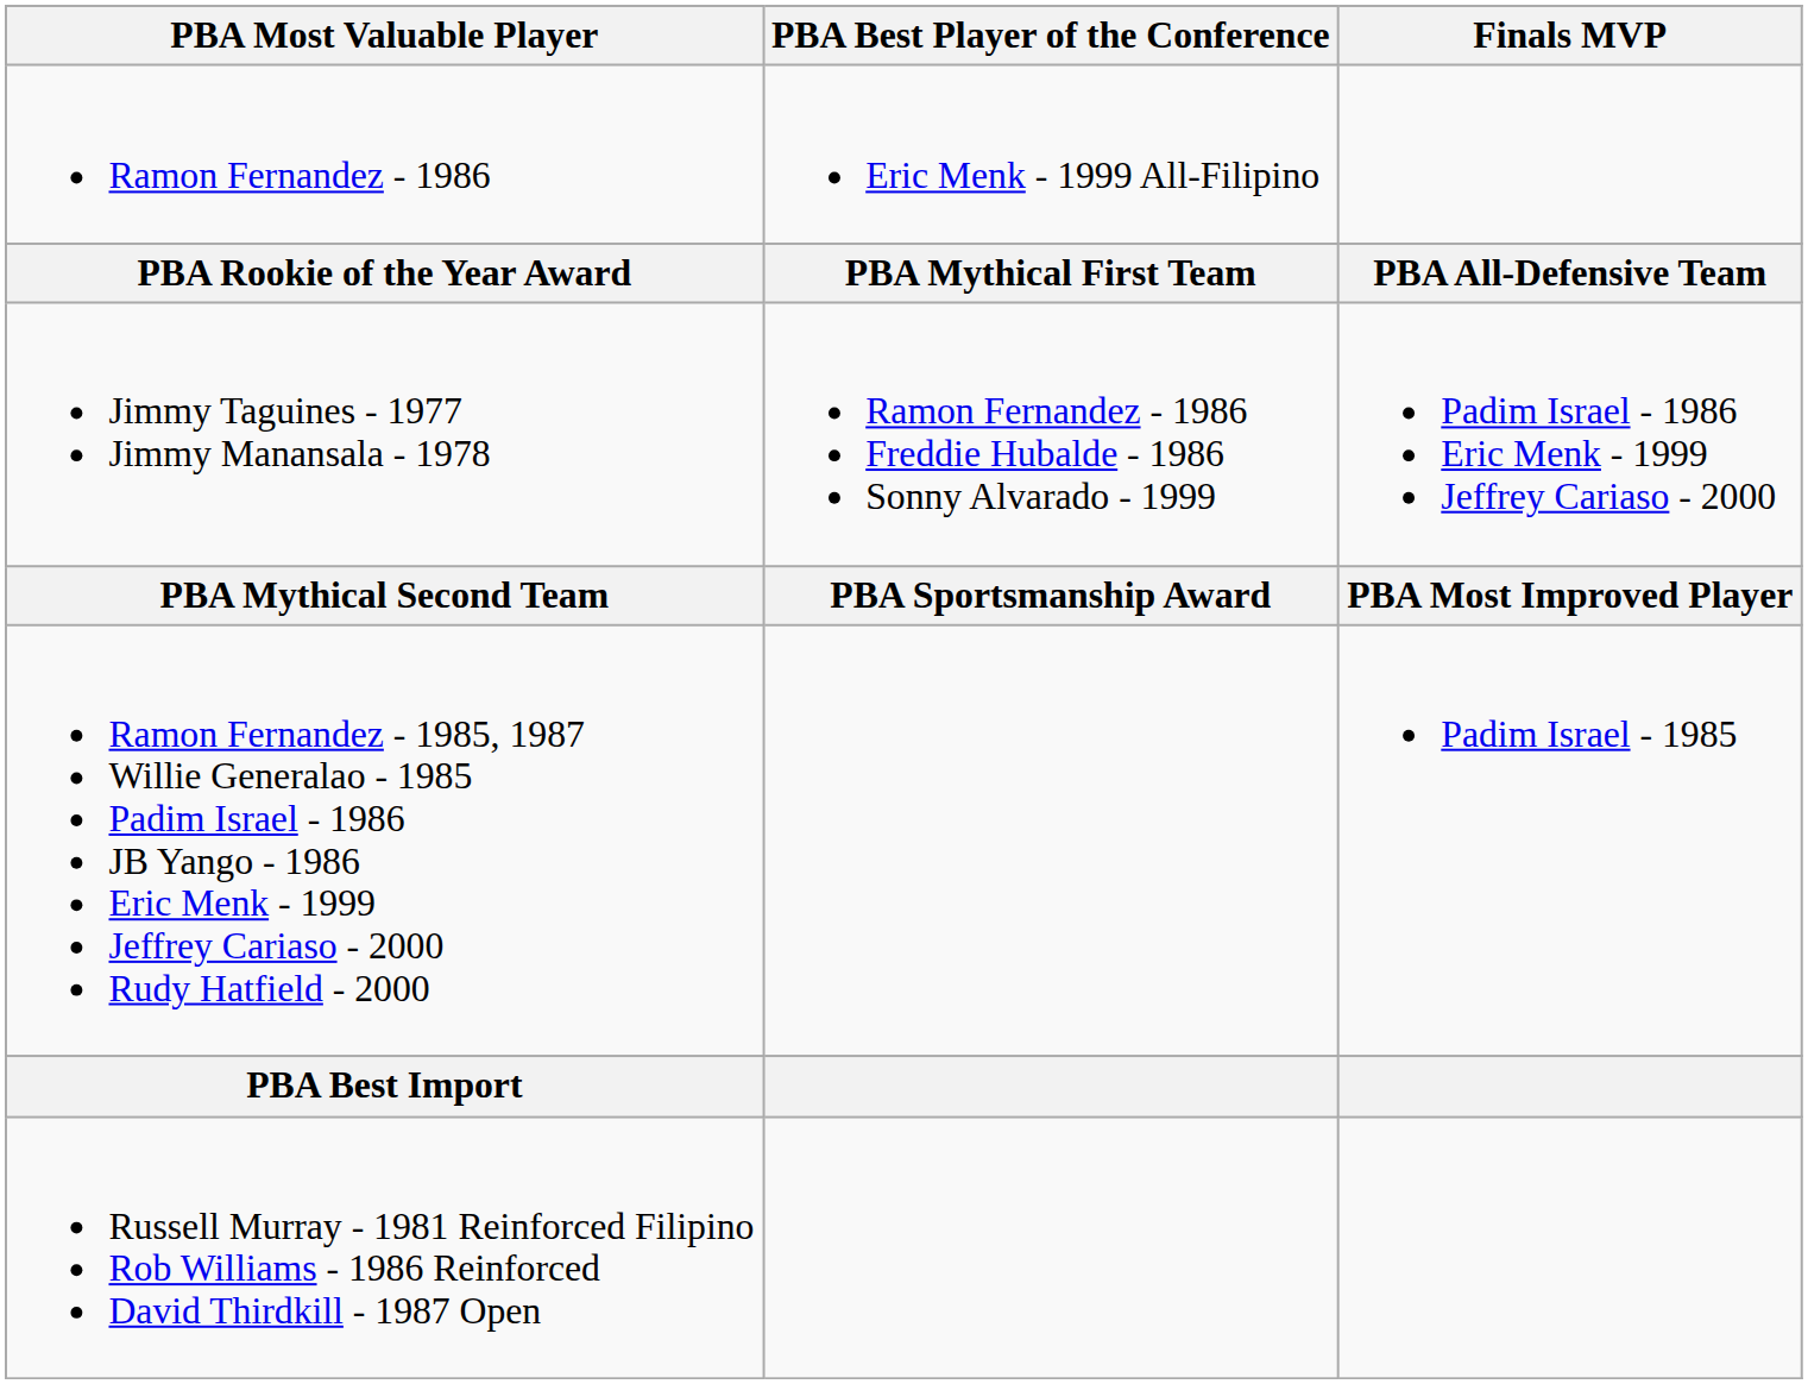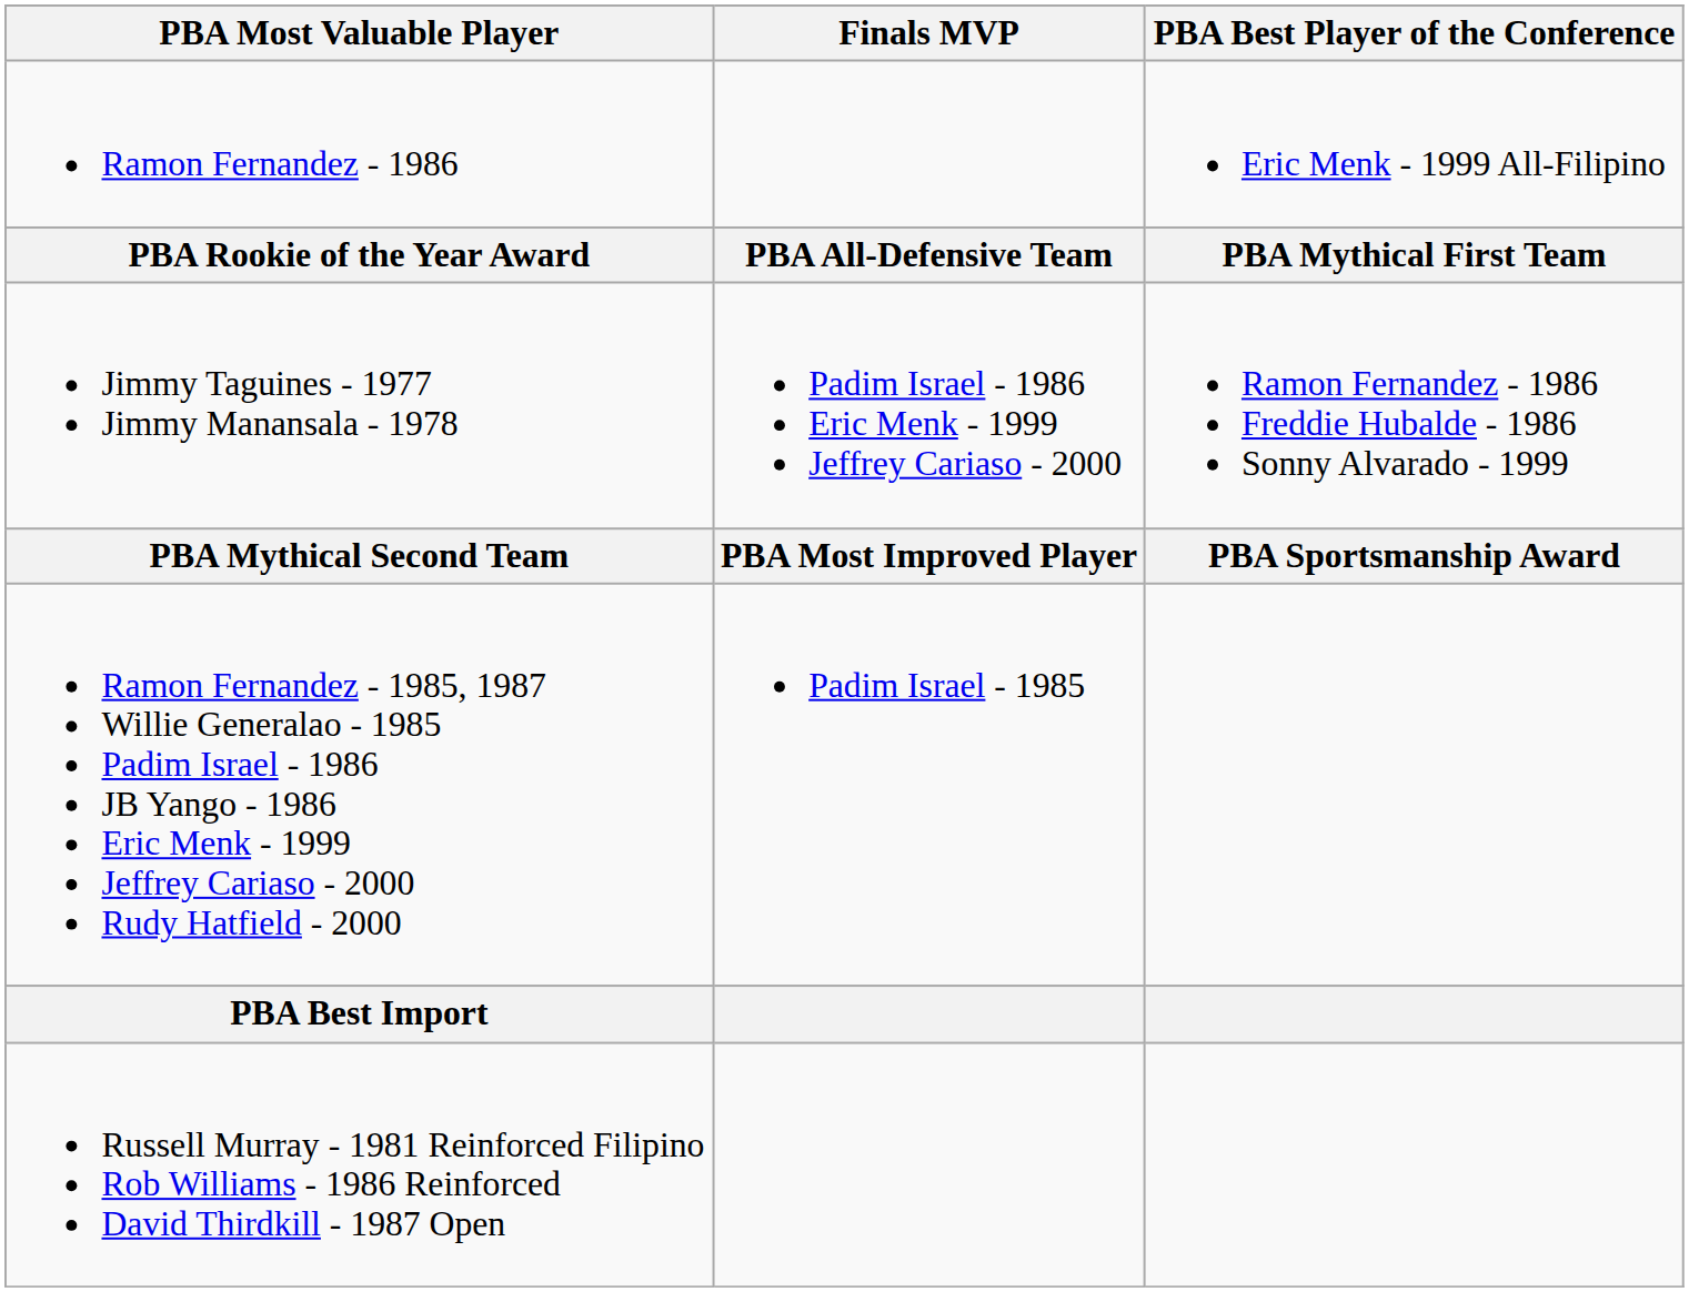 <table class=wikitable>
 <tr>
 <th>PBA Most Valuable Player</th>
+<th>Finals MVP</th>
 <th>PBA Best Player of the Conference</th>
-<th>Finals MVP</th>
 </tr>
 <tr>
 <td valign="top"><br><ul><li><a href='#'>Ramon Fernandez</a> - 1986</li></ul></td>
+<td valign="top"></td>
 <td valign="top"><br><ul><li><a href='#'>Eric Menk</a> - 1999 All-Filipino</li></ul></td>
-<td valign="top"></td>
 </tr>
 <tr>
 <th>PBA Rookie of the Year Award</th>
+<th>PBA All-Defensive Team</th>
 <th>PBA Mythical First Team</th>
-<th>PBA All-Defensive Team</th>
 </tr>
 <tr>
 <td valign="top"><br><ul><li>Jimmy Taguines - 1977</li><li>Jimmy Manansala - 1978</li></ul></td>
+<td valign="top"><br><ul><li><a href='#'>Padim Israel</a> - 1986</li><li><a href='#'>Eric Menk</a> - 1999</li><li><a href='#'>Jeffrey Cariaso</a> - 2000</li></ul></td>
 <td valign="top"><br><ul><li><a href='#'>Ramon Fernandez</a> - 1986</li><li><a href='#'>Freddie Hubalde</a> - 1986</li><li>Sonny Alvarado - 1999</li></ul></td>
-<td valign="top"><br><ul><li><a href='#'>Padim Israel</a> - 1986</li><li><a href='#'>Eric Menk</a> - 1999</li><li><a href='#'>Jeffrey Cariaso</a> - 2000</li></ul></td>
 </tr>
 <tr>
 <th>PBA Mythical Second Team</th>
+<th>PBA Most Improved Player</th>
 <th>PBA Sportsmanship Award</th>
-<th>PBA Most Improved Player</th>
 </tr>
 <tr>
 <td valign="top"><br><ul><li><a href='#'>Ramon Fernandez</a> - 1985, 1987</li><li>Willie Generalao - 1985</li><li><a href='#'>Padim Israel</a> - 1986</li><li>JB Yango - 1986</li><li><a href='#'>Eric Menk</a> - 1999</li><li><a href='#'>Jeffrey Cariaso</a> - 2000</li><li><a href='#'>Rudy Hatfield</a> - 2000</li></ul></td>
+<td valign="top"><br><ul><li><a href='#'>Padim Israel</a> - 1985</li></ul></td>
 <td valign="top"></td>
-<td valign="top"><br><ul><li><a href='#'>Padim Israel</a> - 1985</li></ul></td>
 </tr>
 <tr>
 <th>PBA Best Import</th>
 <th></th>
 <th></th>
 </tr>
 <tr>
 <td valign="top"><br><ul><li>Russell Murray - 1981 Reinforced Filipino</li><li><a href='#'>Rob Williams</a> - 1986 Reinforced</li><li><a href='#'>David Thirdkill</a> - 1987 Open</li></ul></td>
 <td valign="top"></td>
 <td valign="top"></td>
 </tr>
 </table>
